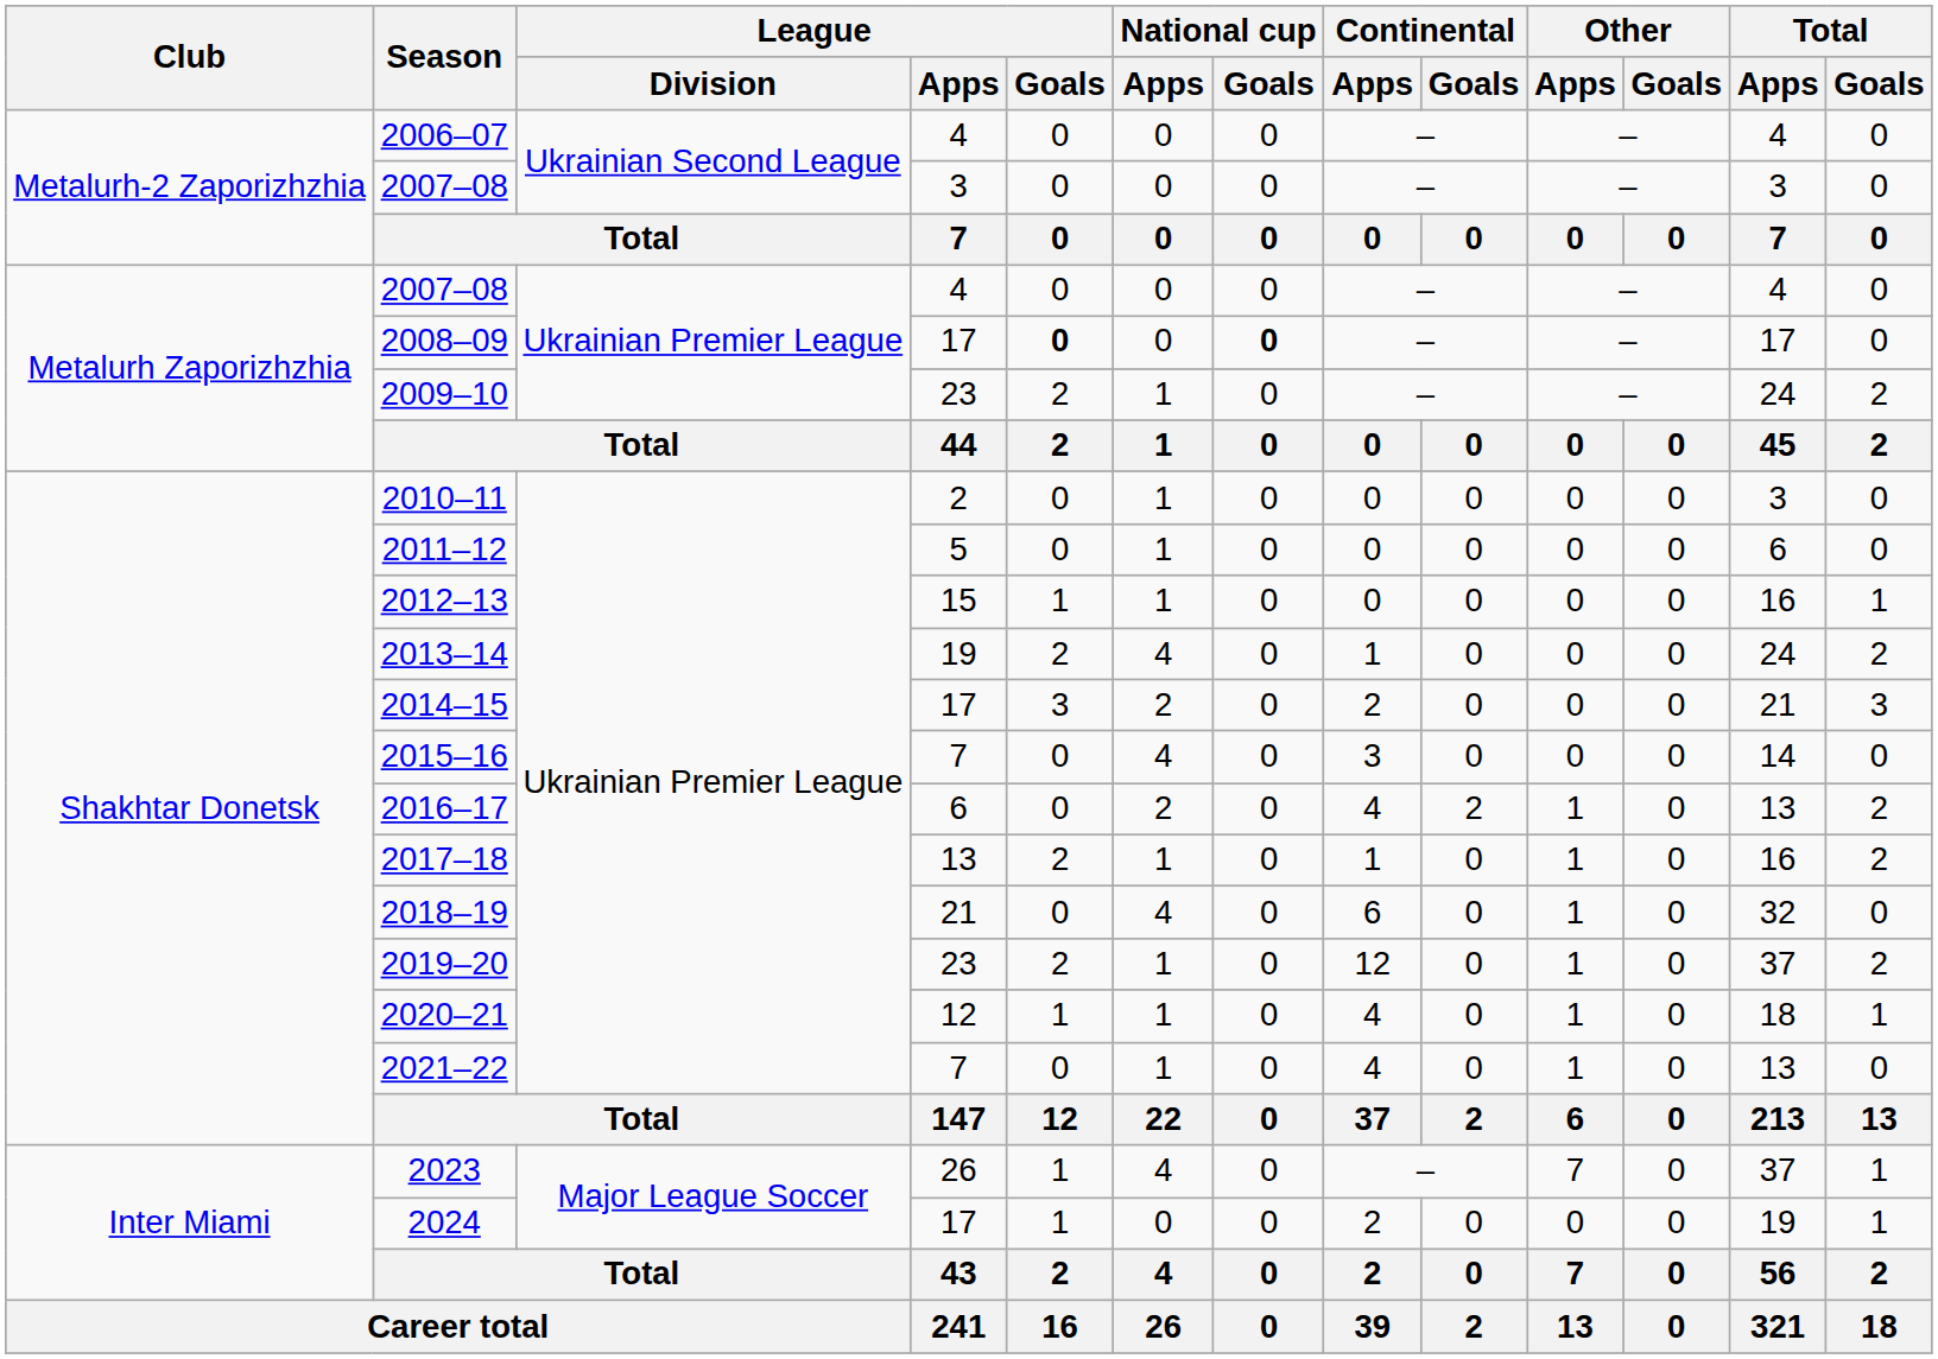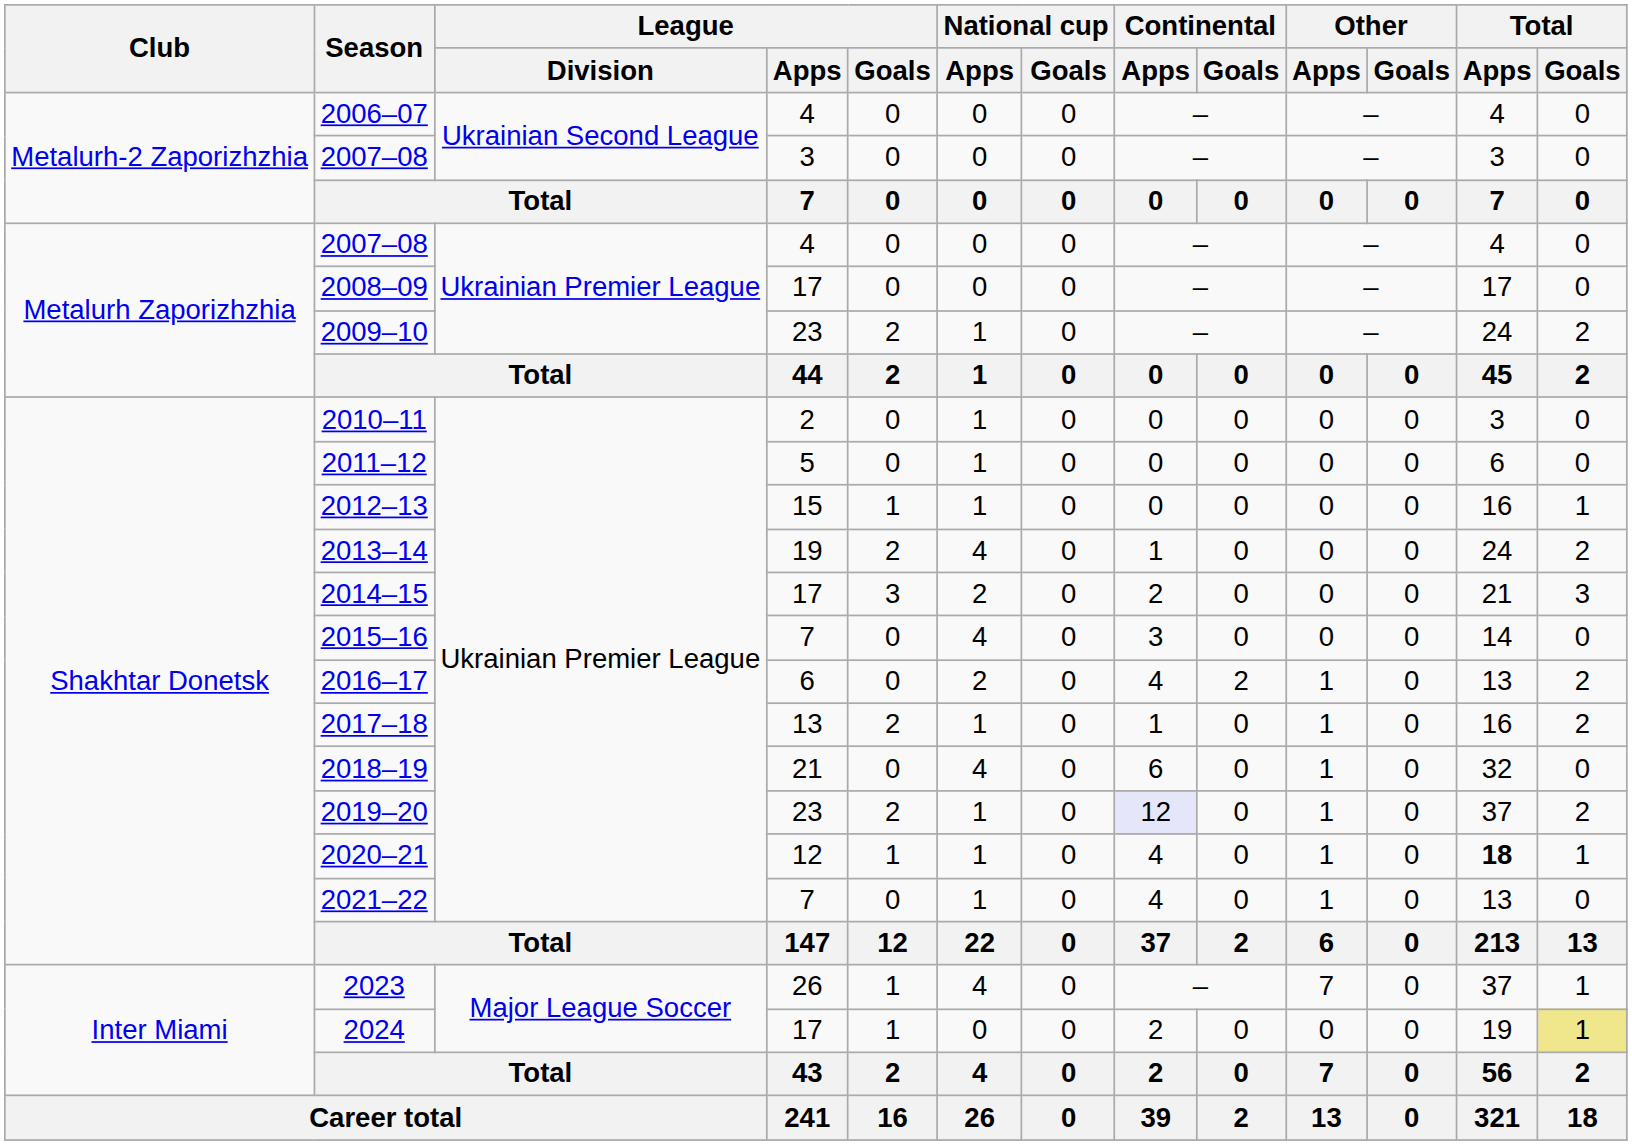 <table class="wikitable" style="text-align:center">
 <tr>
 <th rowspan="2">Club</th>
 <th rowspan="2">Season</th>
 <th colspan="3">League</th>
 <th colspan="2">National cup</th>
 <th colspan="2">Continental</th>
 <th colspan="2">Other</th>
 <th colspan="2">Total</th>
 </tr>
 <tr>
 <th>Division</th>
 <th>Apps</th>
 <th>Goals</th>
 <th>Apps</th>
 <th>Goals</th>
 <th>Apps</th>
 <th>Goals</th>
 <th>Apps</th>
 <th>Goals</th>
 <th>Apps</th>
 <th>Goals</th>
 </tr>
 <tr>
 <td rowspan="3"><a href='#'>Metalurh-2 Zaporizhzhia</a></td>
 <td><a href='#'>2006–07</a></td>
 <td rowspan="2"><a href='#'>Ukrainian Second League</a></td>
 <td>4</td>
 <td>0</td>
 <td>0</td>
 <td>0</td>
 <td colspan="2">–</td>
 <td colspan="2">–</td>
 <td>4</td>
 <td>0</td>
 </tr>
 <tr>
 <td><a href='#'>2007–08</a></td>
 <td>3</td>
 <td>0</td>
 <td>0</td>
 <td>0</td>
 <td colspan="2">–</td>
 <td colspan="2">–</td>
 <td>3</td>
 <td>0</td>
 </tr>
 <tr>
 <th colspan="2">Total</th>
 <th>7</th>
 <th>0</th>
 <th>0</th>
 <th>0</th>
 <th>0</th>
 <th>0</th>
 <th>0</th>
 <th>0</th>
 <th>7</th>
 <th>0</th>
 </tr>
 <tr>
 <td rowspan="4"><a href='#'>Metalurh Zaporizhzhia</a></td>
 <td><a href='#'>2007–08</a></td>
 <td rowspan="3"><a href='#'>Ukrainian Premier League</a></td>
 <td>4</td>
 <td>0</td>
 <td>0</td>
 <td>0</td>
 <td colspan="2">–</td>
 <td colspan="2">–</td>
 <td>4</td>
 <td>0</td>
 </tr>
 <tr>
 <td><a href='#'>2008–09</a></td>
 <td>17</td>
-<td><strong>0</strong></td>
 <td>0</td>
-<td><strong>0</strong></td>
+<td>0</td>
+<td>0</td>
 <td colspan="2">–</td>
 <td colspan="2">–</td>
 <td>17</td>
 <td>0</td>
 </tr>
 <tr>
 <td><a href='#'>2009–10</a></td>
 <td>23</td>
 <td>2</td>
 <td>1</td>
 <td>0</td>
 <td colspan="2">–</td>
 <td colspan="2">–</td>
 <td>24</td>
 <td>2</td>
 </tr>
 <tr>
 <th colspan="2">Total</th>
 <th>44</th>
 <th>2</th>
 <th>1</th>
 <th>0</th>
 <th>0</th>
 <th>0</th>
 <th>0</th>
 <th>0</th>
 <th>45</th>
 <th>2</th>
 </tr>
 <tr>
 <td rowspan="13"><a href='#'>Shakhtar Donetsk</a></td>
 <td><a href='#'>2010–11</a></td>
 <td rowspan="12">Ukrainian Premier League</td>
 <td>2</td>
 <td>0</td>
 <td>1</td>
 <td>0</td>
 <td>0</td>
 <td>0</td>
 <td>0</td>
 <td>0</td>
 <td>3</td>
 <td>0</td>
 </tr>
 <tr>
 <td><a href='#'>2011–12</a></td>
 <td>5</td>
 <td>0</td>
 <td>1</td>
 <td>0</td>
 <td>0</td>
 <td>0</td>
 <td>0</td>
 <td>0</td>
 <td>6</td>
 <td>0</td>
 </tr>
 <tr>
 <td><a href='#'>2012–13</a></td>
 <td>15</td>
 <td>1</td>
 <td>1</td>
 <td>0</td>
 <td>0</td>
 <td>0</td>
 <td>0</td>
 <td>0</td>
 <td>16</td>
 <td>1</td>
 </tr>
 <tr>
 <td><a href='#'>2013–14</a></td>
 <td>19</td>
 <td>2</td>
 <td>4</td>
 <td>0</td>
 <td>1</td>
 <td>0</td>
 <td>0</td>
 <td>0</td>
 <td>24</td>
 <td>2</td>
 </tr>
 <tr>
 <td><a href='#'>2014–15</a></td>
 <td>17</td>
 <td>3</td>
 <td>2</td>
 <td>0</td>
 <td>2</td>
 <td>0</td>
 <td>0</td>
 <td>0</td>
 <td>21</td>
 <td>3</td>
 </tr>
 <tr>
 <td><a href='#'>2015–16</a></td>
 <td>7</td>
 <td>0</td>
 <td>4</td>
 <td>0</td>
 <td>3</td>
 <td>0</td>
 <td>0</td>
 <td>0</td>
 <td>14</td>
 <td>0</td>
 </tr>
 <tr>
 <td><a href='#'>2016–17</a></td>
 <td>6</td>
 <td>0</td>
 <td>2</td>
 <td>0</td>
 <td>4</td>
 <td>2</td>
 <td>1</td>
 <td>0</td>
 <td>13</td>
 <td>2</td>
 </tr>
 <tr>
 <td><a href='#'>2017–18</a></td>
 <td>13</td>
 <td>2</td>
 <td>1</td>
 <td>0</td>
 <td>1</td>
 <td>0</td>
 <td>1</td>
 <td>0</td>
 <td>16</td>
 <td>2</td>
 </tr>
 <tr>
 <td><a href='#'>2018–19</a></td>
 <td>21</td>
 <td>0</td>
 <td>4</td>
 <td>0</td>
 <td>6</td>
 <td>0</td>
 <td>1</td>
 <td>0</td>
 <td>32</td>
 <td>0</td>
 </tr>
 <tr>
 <td><a href='#'>2019–20</a></td>
 <td>23</td>
 <td>2</td>
 <td>1</td>
 <td>0</td>
-<td>12</td>
+<td style="background: lavender;">12</td>
 <td>0</td>
 <td>1</td>
 <td>0</td>
 <td>37</td>
 <td>2</td>
 </tr>
 <tr>
 <td><a href='#'>2020–21</a></td>
 <td>12</td>
 <td>1</td>
 <td>1</td>
 <td>0</td>
 <td>4</td>
 <td>0</td>
 <td>1</td>
 <td>0</td>
-<td>18</td>
+<td><strong>18</strong></td>
 <td>1</td>
 </tr>
 <tr>
 <td><a href='#'>2021–22</a></td>
 <td>7</td>
 <td>0</td>
 <td>1</td>
 <td>0</td>
 <td>4</td>
 <td>0</td>
 <td>1</td>
 <td>0</td>
 <td>13</td>
 <td>0</td>
 </tr>
 <tr>
 <th colspan="2">Total</th>
 <th>147</th>
 <th>12</th>
 <th>22</th>
 <th>0</th>
 <th>37</th>
 <th>2</th>
 <th>6</th>
 <th>0</th>
 <th>213</th>
 <th>13</th>
 </tr>
 <tr>
 <td rowspan="3"><a href='#'>Inter Miami</a></td>
 <td><a href='#'>2023</a></td>
 <td rowspan="2"><a href='#'>Major League Soccer</a></td>
 <td>26</td>
 <td>1</td>
 <td>4</td>
 <td>0</td>
 <td colspan="2">–</td>
 <td>7</td>
 <td>0</td>
 <td>37</td>
 <td>1</td>
 </tr>
 <tr>
 <td><a href='#'>2024</a></td>
 <td>17</td>
 <td>1</td>
 <td>0</td>
 <td>0</td>
 <td>2</td>
 <td>0</td>
 <td>0</td>
 <td>0</td>
 <td>19</td>
-<td>1</td>
+<td style="background: khaki;">1</td>
 </tr>
 <tr>
 <th colspan="2">Total</th>
 <th>43</th>
 <th>2</th>
 <th>4</th>
 <th>0</th>
 <th>2</th>
 <th>0</th>
 <th>7</th>
 <th>0</th>
 <th>56</th>
 <th>2</th>
 </tr>
 <tr>
 <th colspan="3">Career total</th>
 <th>241</th>
 <th>16</th>
 <th>26</th>
 <th>0</th>
 <th>39</th>
 <th>2</th>
 <th>13</th>
 <th>0</th>
 <th>321</th>
 <th>18</th>
 </tr>
 </table>
